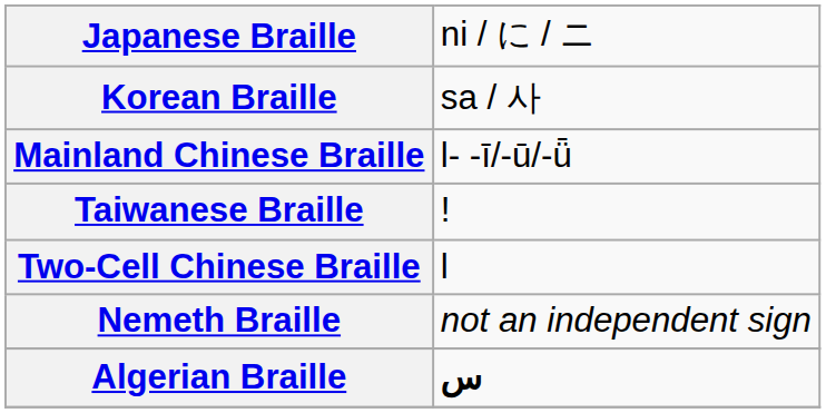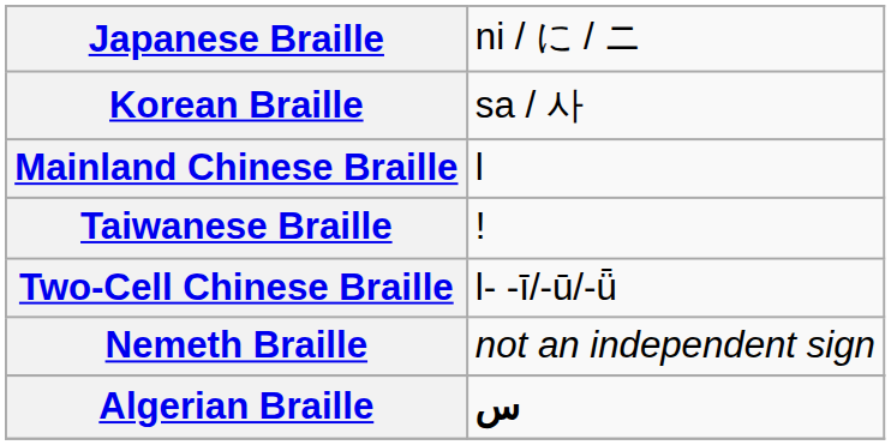 <table class="wikitable">
 <tr>
 <th align=left><a href='#'>Japanese Braille</a></th>
 <td>ni / に / ニ </td>
 </tr>
 <tr>
 <th align=left><a href='#'>Korean Braille</a></th>
 <td>sa / 사 </td>
 </tr>
 <tr>
 <th align=left><a href='#'>Mainland Chinese Braille</a></th>
-<td>l- -ī/-ū/-ǖ</td>
+<td>l </td>
 </tr>
 <tr>
 <th align=left><a href='#'>Taiwanese Braille</a></th>
 <td>!</td>
 </tr>
 <tr>
 <th align=left><a href='#'>Two-Cell Chinese Braille</a></th>
-<td>l </td>
+<td>l- -ī/-ū/-ǖ</td>
 </tr>
 <tr>
 <th align=left><a href='#'>Nemeth Braille</a></th>
 <td><em>not an independent sign</em> </td>
 </tr>
 <tr>
 </tr>
 <tr>
 <th align=left><a href='#'>Algerian Braille</a></th>
 <td><strong>س ‎</strong></td>
 </tr>
 <tr>
 </tr>
 </table>
